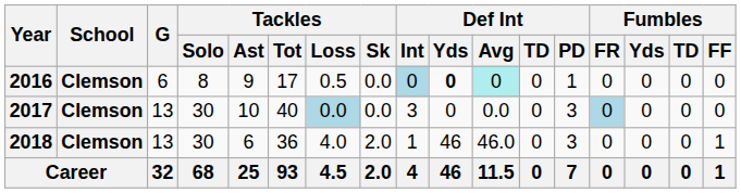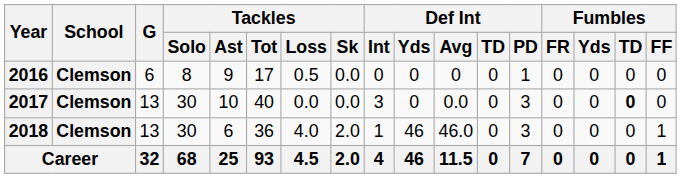 <table class="wikitable sortable" style="text-align:center;">
 <tr>
 <th rowspan="2">Year</th>
 <th rowspan="2">School</th>
 <th rowspan="2">G</th>
 <th colspan="5">Tackles</th>
 <th colspan="5">Def Int</th>
 <th colspan="4">Fumbles</th>
 </tr>
 <tr>
 <th>Solo</th>
 <th>Ast</th>
 <th>Tot</th>
 <th>Loss</th>
 <th>Sk</th>
 <th>Int</th>
 <th>Yds</th>
 <th>Avg</th>
 <th>TD</th>
 <th>PD</th>
 <th>FR</th>
 <th>Yds</th>
 <th>TD</th>
 <th>FF</th>
 </tr>
 <tr>
 <th>2016</th>
 <th>Clemson</th>
 <td>6</td>
 <td>8</td>
 <td>9</td>
 <td>17</td>
 <td>0.5</td>
 <td>0.0</td>
-<td style="background: lightblue;">0</td>
-<td><strong>0</strong></td>
-<td style="background: paleturquoise;">0</td>
+<td>0</td>
+<td>0</td>
+<td>0</td>
 <td>0</td>
 <td>1</td>
 <td>0</td>
 <td>0</td>
 <td>0</td>
 <td>0</td>
 </tr>
 <tr>
 <th>2017</th>
 <th>Clemson</th>
 <td>13</td>
 <td>30</td>
 <td>10</td>
 <td>40</td>
-<td style="background: lightblue;">0.0</td>
+<td>0.0</td>
 <td>0.0</td>
 <td>3</td>
 <td>0</td>
 <td>0.0</td>
 <td>0</td>
 <td>3</td>
-<td style="background: lightblue;">0</td>
 <td>0</td>
 <td>0</td>
+<td><strong>0</strong></td>
 <td>0</td>
 </tr>
 <tr>
 <th>2018</th>
 <th>Clemson</th>
 <td>13</td>
 <td>30</td>
 <td>6</td>
 <td>36</td>
 <td>4.0</td>
 <td>2.0</td>
 <td>1</td>
 <td>46</td>
 <td>46.0</td>
 <td>0</td>
 <td>3</td>
 <td>0</td>
 <td>0</td>
 <td>0</td>
 <td>1</td>
 </tr>
 <tr>
 <th colspan="2">Career</th>
 <th>32</th>
 <th>68</th>
 <th>25</th>
 <th>93</th>
 <th>4.5</th>
 <th>2.0</th>
 <th>4</th>
 <th>46</th>
 <th>11.5</th>
 <th>0</th>
 <th>7</th>
 <th>0</th>
 <th>0</th>
 <th>0</th>
 <th>1</th>
 </tr>
 </table>
